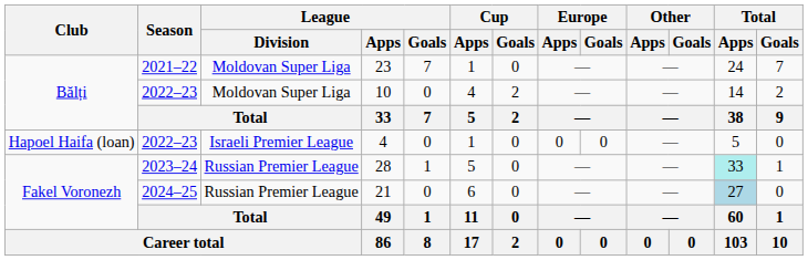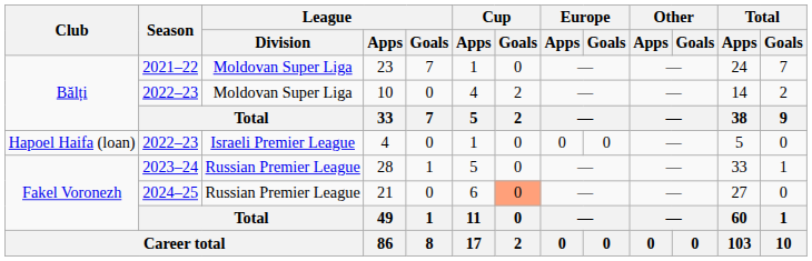 <table class="wikitable" style="text-align:center">
 <tr>
 <th rowspan="2">Club</th>
 <th rowspan="2">Season</th>
 <th colspan="3">League</th>
 <th colspan="2">Cup</th>
 <th colspan="2">Europe</th>
 <th colspan="2">Other</th>
 <th colspan="2">Total</th>
 </tr>
 <tr>
 <th>Division</th>
 <th>Apps</th>
 <th>Goals</th>
 <th>Apps</th>
 <th>Goals</th>
 <th>Apps</th>
 <th>Goals</th>
 <th>Apps</th>
 <th>Goals</th>
 <th>Apps</th>
 <th>Goals</th>
 </tr>
 <tr>
 <td rowspan="3"><a href='#'>Bălți</a></td>
 <td><a href='#'>2021–22</a></td>
 <td><a href='#'>Moldovan Super Liga</a></td>
 <td>23</td>
 <td>7</td>
 <td>1</td>
 <td>0</td>
 <td colspan="2">—</td>
 <td colspan="2">—</td>
 <td>24</td>
 <td>7</td>
 </tr>
 <tr>
 <td><a href='#'>2022–23</a></td>
 <td>Moldovan Super Liga</td>
 <td>10</td>
 <td>0</td>
 <td>4</td>
 <td>2</td>
 <td colspan="2">—</td>
 <td colspan="2">—</td>
 <td>14</td>
 <td>2</td>
 </tr>
 <tr>
 <th colspan="2">Total</th>
 <th>33</th>
 <th>7</th>
 <th>5</th>
 <th>2</th>
 <th colspan="2">—</th>
 <th colspan="2">—</th>
 <th>38</th>
 <th>9</th>
 </tr>
 <tr>
 <td><a href='#'>Hapoel Haifa</a> (loan)</td>
 <td><a href='#'>2022–23</a></td>
 <td><a href='#'>Israeli Premier League</a></td>
 <td>4</td>
 <td>0</td>
 <td>1</td>
 <td>0</td>
 <td>0</td>
 <td>0</td>
 <td colspan="2">—</td>
 <td>5</td>
 <td>0</td>
 </tr>
 <tr>
 <td rowspan="3"><a href='#'>Fakel Voronezh</a></td>
 <td><a href='#'>2023–24</a></td>
 <td><a href='#'>Russian Premier League</a></td>
 <td>28</td>
 <td>1</td>
 <td>5</td>
 <td>0</td>
 <td colspan="2">—</td>
 <td colspan="2">—</td>
-<td style="background: paleturquoise;">33</td>
+<td>33</td>
 <td>1</td>
 </tr>
 <tr>
 <td><a href='#'>2024–25</a></td>
 <td>Russian Premier League</td>
 <td>21</td>
 <td>0</td>
 <td>6</td>
-<td>0</td>
+<td style="background: lightsalmon;">0</td>
 <td colspan="2">—</td>
 <td colspan="2">—</td>
-<td style="background: lightblue;">27</td>
+<td>27</td>
 <td>0</td>
 </tr>
 <tr>
 <th colspan="2">Total</th>
 <th>49</th>
 <th>1</th>
 <th>11</th>
 <th>0</th>
 <th colspan="2">—</th>
 <th colspan="2">—</th>
 <th>60</th>
 <th>1</th>
 </tr>
 <tr>
 <th colspan="3">Career total</th>
 <th>86</th>
 <th>8</th>
 <th>17</th>
 <th>2</th>
 <th>0</th>
 <th>0</th>
 <th>0</th>
 <th>0</th>
 <th>103</th>
 <th>10</th>
 </tr>
 </table>
